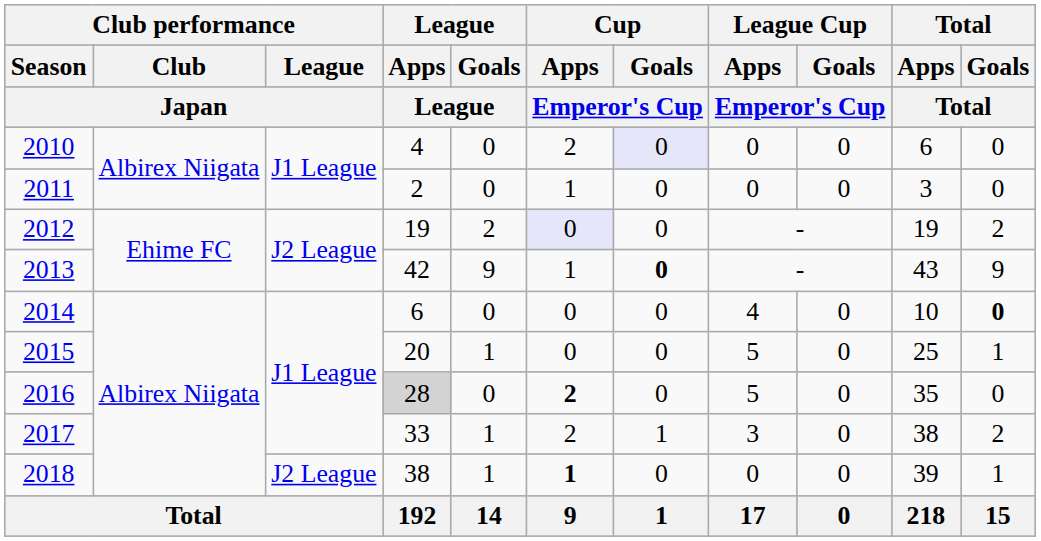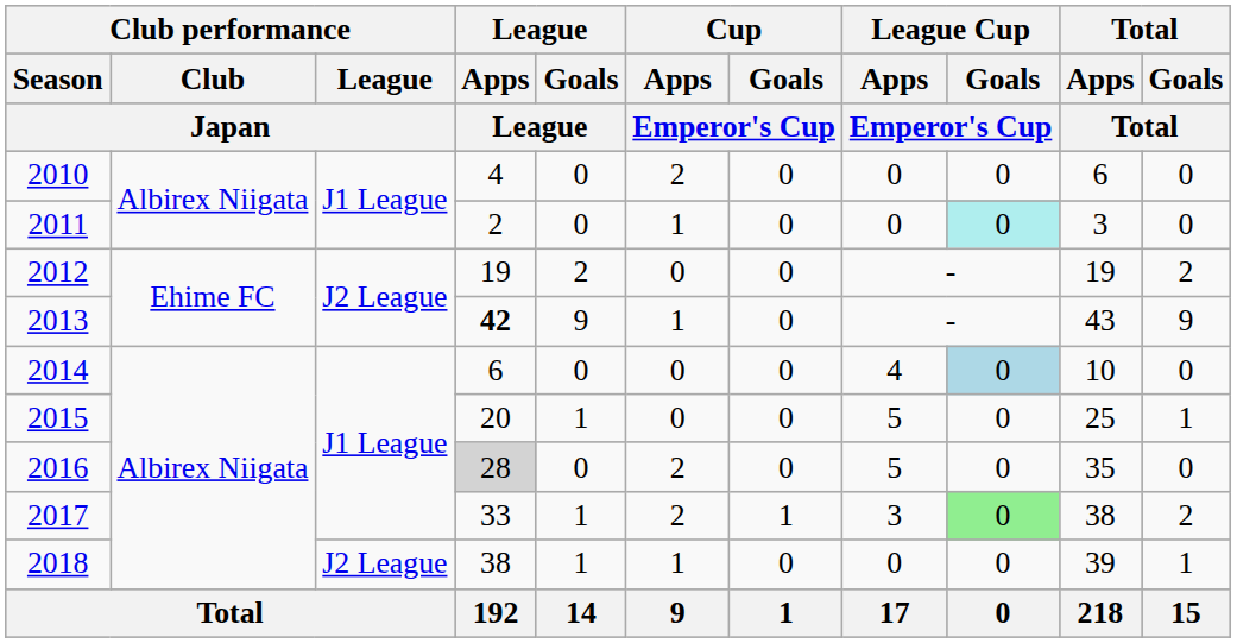 <table class="wikitable" style="text-align:center;">
 <tr>
 <th colspan=3>Club performance</th>
 <th colspan=2>League</th>
 <th colspan=2>Cup</th>
 <th colspan=2>League Cup</th>
 <th colspan=2>Total</th>
 </tr>
 <tr>
 <th>Season</th>
 <th>Club</th>
 <th>League</th>
 <th>Apps</th>
 <th>Goals</th>
 <th>Apps</th>
 <th>Goals</th>
 <th>Apps</th>
 <th>Goals</th>
 <th>Apps</th>
 <th>Goals</th>
 </tr>
 <tr>
 <th colspan=3>Japan</th>
 <th colspan=2>League</th>
 <th colspan=2><a href='#'>Emperor's Cup</a></th>
 <th colspan=2><a href='#'>Emperor's Cup</a></th>
 <th colspan=2>Total</th>
 </tr>
 <tr>
 <td><a href='#'>2010</a></td>
 <td rowspan="2"><a href='#'>Albirex Niigata</a></td>
 <td rowspan="2"><a href='#'>J1 League</a></td>
 <td>4</td>
 <td>0</td>
 <td>2</td>
-<td style="background: lavender;">0</td>
+<td>0</td>
 <td>0</td>
 <td>0</td>
 <td>6</td>
 <td>0</td>
 </tr>
 <tr>
 <td><a href='#'>2011</a></td>
 <td>2</td>
 <td>0</td>
 <td>1</td>
 <td>0</td>
 <td>0</td>
-<td>0</td>
+<td style="background: paleturquoise;">0</td>
 <td>3</td>
 <td>0</td>
 </tr>
 <tr>
 <td><a href='#'>2012</a></td>
 <td rowspan="2"><a href='#'>Ehime FC</a></td>
 <td rowspan="2"><a href='#'>J2 League</a></td>
 <td>19</td>
 <td>2</td>
-<td style="background: lavender;">0</td>
+<td>0</td>
 <td>0</td>
 <td colspan="2">-</td>
 <td>19</td>
 <td>2</td>
 </tr>
 <tr>
 <td><a href='#'>2013</a></td>
-<td>42</td>
+<td><strong>42</strong></td>
 <td>9</td>
 <td>1</td>
-<td><strong>0</strong></td>
+<td>0</td>
 <td colspan="2">-</td>
 <td>43</td>
 <td>9</td>
 </tr>
 <tr>
 <td><a href='#'>2014</a></td>
 <td rowspan="5"><a href='#'>Albirex Niigata</a></td>
 <td rowspan="4"><a href='#'>J1 League</a></td>
 <td>6</td>
 <td>0</td>
 <td>0</td>
 <td>0</td>
 <td>4</td>
+<td style="background: lightblue;">0</td>
+<td>10</td>
 <td>0</td>
-<td>10</td>
-<td><strong>0</strong></td>
 </tr>
 <tr>
 <td><a href='#'>2015</a></td>
 <td>20</td>
 <td>1</td>
 <td>0</td>
 <td>0</td>
 <td>5</td>
 <td>0</td>
 <td>25</td>
 <td>1</td>
 </tr>
 <tr>
 <td><a href='#'>2016</a></td>
 <td style="background: lightgrey;">28</td>
 <td>0</td>
-<td><strong>2</strong></td>
+<td>2</td>
 <td>0</td>
 <td>5</td>
 <td>0</td>
 <td>35</td>
 <td>0</td>
 </tr>
 <tr>
 <td><a href='#'>2017</a></td>
 <td>33</td>
 <td>1</td>
 <td>2</td>
 <td>1</td>
 <td>3</td>
-<td>0</td>
+<td style="background: lightgreen;">0</td>
 <td>38</td>
 <td>2</td>
 </tr>
 <tr>
 <td><a href='#'>2018</a></td>
 <td rowspan=1><a href='#'>J2 League</a></td>
 <td>38</td>
 <td>1</td>
-<td><strong>1</strong></td>
+<td>1</td>
 <td>0</td>
 <td>0</td>
 <td>0</td>
 <td>39</td>
 <td>1</td>
 </tr>
 <tr>
 <th colspan=3>Total</th>
 <th>192</th>
 <th>14</th>
 <th>9</th>
 <th>1</th>
 <th>17</th>
 <th>0</th>
 <th>218</th>
 <th>15</th>
 </tr>
 </table>
